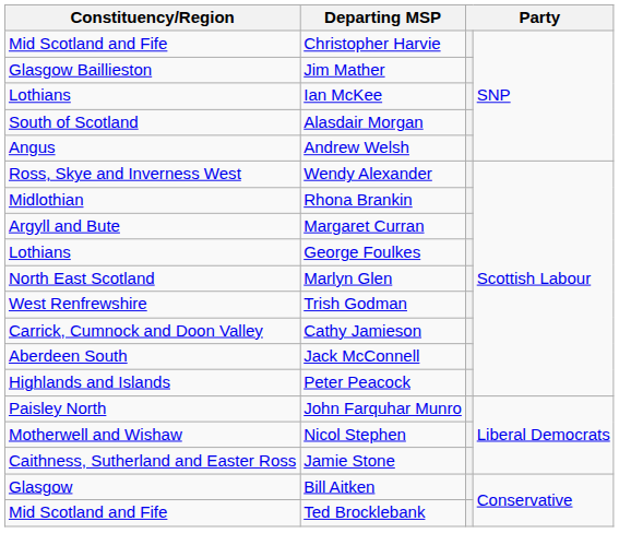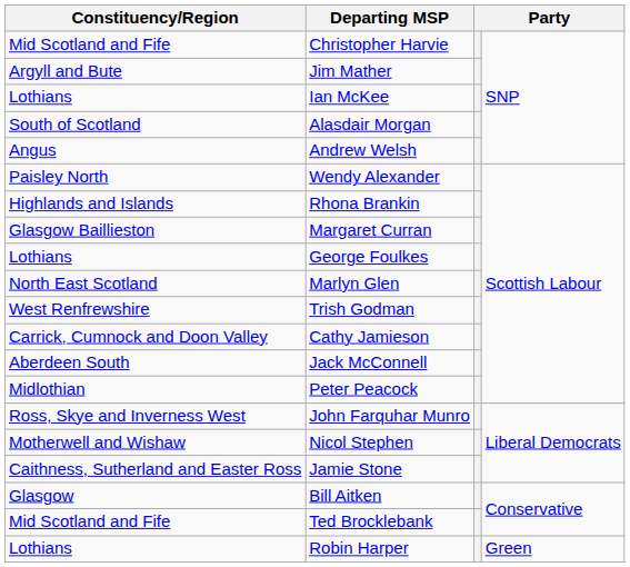 <table class="wikitable">
 <tr>
 <th>Constituency/Region</th>
 <th>Departing MSP</th>
 <th colspan="2">Party</th>
 </tr>
 <tr>
 <td><a href='#'>Mid Scotland and Fife</a></td>
 <td><a href='#'>Christopher Harvie</a></td>
 <th style="background-color: "></th>
 <td rowspan="5"><a href='#'>SNP</a></td>
 </tr>
 <tr>
-<td><a href='#'>Glasgow Baillieston</a></td>
+<td><a href='#'>Argyll and Bute</a></td>
 <td><a href='#'>Jim Mather</a></td>
 <th style="background-color: "></th>
 </tr>
 <tr>
 <td><a href='#'>Lothians</a></td>
 <td><a href='#'>Ian McKee</a></td>
 <th style="background-color: "></th>
 </tr>
 <tr>
 <td><a href='#'>South of Scotland</a></td>
 <td><a href='#'>Alasdair Morgan</a></td>
 <th style="background-color: "></th>
 </tr>
 <tr>
 <td><a href='#'>Angus</a></td>
 <td><a href='#'>Andrew Welsh</a></td>
 <th style="background-color: "></th>
 </tr>
 <tr>
-<td><a href='#'>Ross, Skye and Inverness West</a></td>
+<td><a href='#'>Paisley North</a></td>
 <td><a href='#'>Wendy Alexander</a></td>
 <th style="background-color: "></th>
 <td rowspan="9"><a href='#'>Scottish Labour</a></td>
 </tr>
 <tr>
-<td><a href='#'>Midlothian</a></td>
+<td><a href='#'>Highlands and Islands</a></td>
 <td><a href='#'>Rhona Brankin</a></td>
 <th style="background-color: "></th>
 </tr>
 <tr>
-<td><a href='#'>Argyll and Bute</a></td>
+<td><a href='#'>Glasgow Baillieston</a></td>
 <td><a href='#'>Margaret Curran</a></td>
 <th style="background-color: "></th>
 </tr>
 <tr>
 <td><a href='#'>Lothians</a></td>
 <td><a href='#'>George Foulkes</a></td>
 <th style="background-color: "></th>
 </tr>
 <tr>
 <td><a href='#'>North East Scotland</a></td>
 <td><a href='#'>Marlyn Glen</a></td>
 <th style="background-color: "></th>
 </tr>
 <tr>
 <td><a href='#'>West Renfrewshire</a></td>
 <td><a href='#'>Trish Godman</a></td>
 <th style="background-color: "></th>
 </tr>
 <tr>
 <td><a href='#'>Carrick, Cumnock and Doon Valley</a></td>
 <td><a href='#'>Cathy Jamieson</a></td>
 <th style="background-color: "></th>
 </tr>
 <tr>
 <td><a href='#'>Aberdeen South</a></td>
 <td><a href='#'>Jack McConnell</a></td>
 <th style="background-color: "></th>
 </tr>
 <tr>
-<td><a href='#'>Highlands and Islands</a></td>
+<td><a href='#'>Midlothian</a></td>
 <td><a href='#'>Peter Peacock</a></td>
 <th style="background-color: "></th>
 </tr>
 <tr>
-<td><a href='#'>Paisley North</a></td>
+<td><a href='#'>Ross, Skye and Inverness West</a></td>
 <td><a href='#'>John Farquhar Munro</a></td>
 <th style="background-color: "></th>
 <td rowspan="3"><a href='#'>Liberal Democrats</a></td>
 </tr>
 <tr>
 <td><a href='#'>Motherwell and Wishaw</a></td>
 <td><a href='#'>Nicol Stephen</a></td>
 <th style="background-color: "></th>
 </tr>
 <tr>
 <td><a href='#'>Caithness, Sutherland and Easter Ross</a></td>
 <td><a href='#'>Jamie Stone</a></td>
 <th style="background-color: "></th>
 </tr>
 <tr>
 <td><a href='#'>Glasgow</a></td>
 <td><a href='#'>Bill Aitken</a></td>
 <th style="background-color: "></th>
 <td rowspan="2"><a href='#'>Conservative</a></td>
 </tr>
 <tr>
 <td><a href='#'>Mid Scotland and Fife</a></td>
 <td><a href='#'>Ted Brocklebank</a></td>
 <th style="background-color: "></th>
 </tr>
+<tr>
+<td><a href='#'>Lothians</a></td>
+<td><a href='#'>Robin Harper</a></td>
+<th style="background-color: "></th>
+<td><a href='#'>Green</a></td>
+</tr>
 </table>
